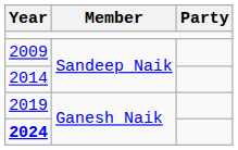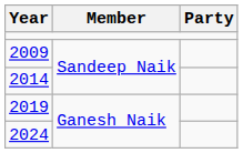 <table class="wikitable">
 <tr>
 <th>Year</th>
 <th>Member</th>
 <th colspan="2">Party</th>
 </tr>
 <tr>
 <td colspan="4"></td>
 </tr>
 <tr>
 <td><a href='#'>2009</a></td>
 <td rowspan="2"><a href='#'>Sandeep Naik</a></td>
 <td></td>
 </tr>
 <tr>
 <td><a href='#'>2014</a></td>
 </tr>
 <tr>
 <td><a href='#'>2019</a></td>
 <td rowspan="2"><a href='#'>Ganesh Naik</a></td>
 <td></td>
 </tr>
 <tr>
-<td><strong><a href='#'>2024</a></strong></td>
+<td><a href='#'>2024</a></td>
 </tr>
 </table>
